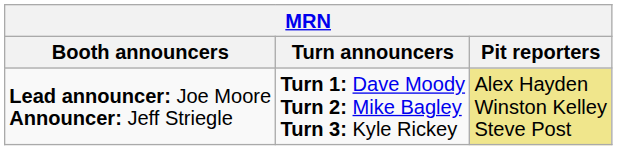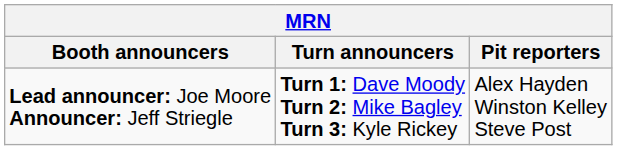 <table class="wikitable" style="font-size: 95%;">
 <tr>
 <th colspan="3"><a href='#'>MRN</a></th>
 </tr>
 <tr>
 <th>Booth announcers</th>
 <th>Turn announcers</th>
 <th>Pit reporters</th>
 </tr>
 <tr>
 <td><strong>Lead announcer:</strong> Joe Moore<br><strong>Announcer:</strong> Jeff Striegle</td>
 <td><strong>Turn 1:</strong> <a href='#'>Dave Moody</a><br><strong>Turn 2:</strong> <a href='#'>Mike Bagley</a><br><strong>Turn 3:</strong> Kyle Rickey</td>
-<td style="background: khaki;">Alex Hayden<br>Winston Kelley<br>Steve Post</td>
+<td>Alex Hayden<br>Winston Kelley<br>Steve Post</td>
 </tr>
 </table>
